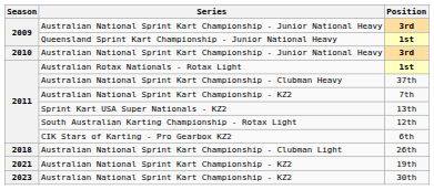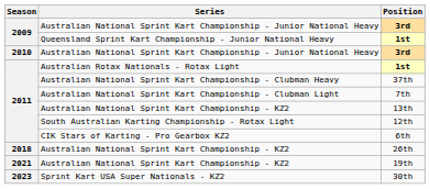 <table class="wikitable" style="font-size: 85%; text-align:center">
 <tr>
 <th>Season</th>
 <th>Series</th>
 <th>Position</th>
 </tr>
 <tr>
 <th rowspan=2>2009</th>
 <td align="left">Australian National Sprint Kart Championship - Junior National Heavy</td>
 <td style="background:#FFDF9F"><strong>3rd</strong></td>
 </tr>
 <tr>
 <td align="left">Queensland Sprint Kart Championship - Junior National Heavy</td>
 <td style="background:#FFFFBF"><strong>1st</strong></td>
 </tr>
 <tr>
 <th>2010</th>
 <td align="left">Australian National Sprint Kart Championship - Junior National Heavy</td>
 <td style="background:#FFDF9F"><strong>3rd</strong></td>
 </tr>
 <tr>
 <th rowspan=6>2011</th>
 <td align="left">Australian Rotax Nationals - Rotax Light</td>
 <td style="background:#FFFFBF"><strong>1st</strong></td>
 </tr>
 <tr>
 <td align="left">Australian National Sprint Kart Championship - Clubman Heavy</td>
 <td>37th</td>
 </tr>
 <tr>
-<td align="left">Australian National Sprint Kart Championship - KZ2</td>
+<td align="left">Australian National Sprint Kart Championship - Clubman Light</td>
 <td>7th</td>
 </tr>
 <tr>
-<td align="left">Sprint Kart USA Super Nationals - KZ2</td>
+<td align="left">Australian National Sprint Kart Championship - KZ2</td>
 <td>13th</td>
 </tr>
 <tr>
 <td align="left">South Australian Karting Championship - Rotax Light</td>
 <td>12th</td>
 </tr>
 <tr>
 <td align="left">CIK Stars of Karting - Pro Gearbox KZ2</td>
 <td>6th</td>
 </tr>
 <tr>
 <th>2018</th>
-<td align="left">Australian National Sprint Kart Championship - Clubman Light</td>
+<td align="left">Australian National Sprint Kart Championship - KZ2</td>
 <td>26th</td>
 </tr>
 <tr>
 <th>2021</th>
 <td align="left">Australian National Sprint Kart Championship - KZ2</td>
 <td>19th</td>
 </tr>
 <tr>
 <th>2023</th>
-<td align="left">Australian National Sprint Kart Championship - KZ2</td>
+<td align="left">Sprint Kart USA Super Nationals - KZ2</td>
 <td>30th</td>
 </tr>
 </table>
